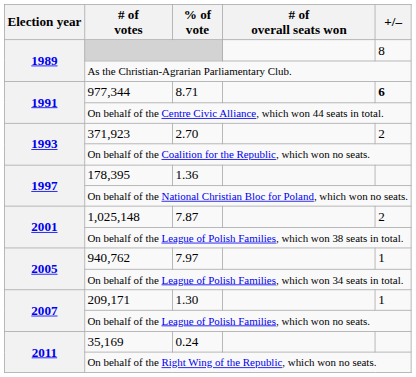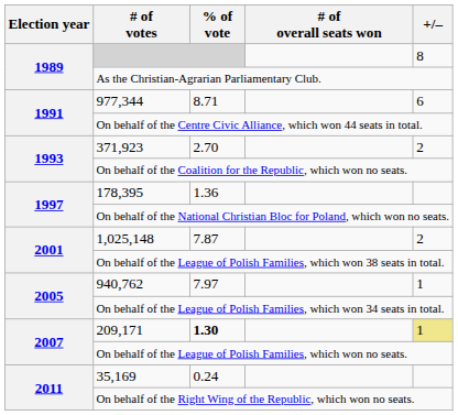 <table class=wikitable>
 <tr>
 <th>Election year</th>
 <th># of<br>votes</th>
 <th>% of<br>vote</th>
 <th># of<br>overall seats won</th>
 <th>+/–</th>
 </tr>
 <tr>
 <th rowspan="2"><a href='#'>1989</a></th>
 <td colspan=2 style="background:lightgrey;"></td>
 <td></td>
 <td>8</td>
 </tr>
 <tr>
 <td colspan=7><small>As the Christian-Agrarian Parliamentary Club.</small></td>
 </tr>
 <tr>
 <th rowspan="2"><a href='#'>1991</a></th>
 <td>977,344</td>
 <td>8.71</td>
 <td></td>
-<td><strong>6</strong></td>
+<td>6</td>
 </tr>
 <tr>
 <td colspan=7><small>On behalf of the <a href='#'>Centre Civic Alliance</a>, which won 44 seats in total.</small></td>
 </tr>
 <tr>
 <th rowspan="2"><a href='#'>1993</a></th>
 <td>371,923</td>
 <td>2.70</td>
 <td></td>
 <td>2</td>
 </tr>
 <tr>
 <td colspan=7><small>On behalf of the <a href='#'>Coalition for the Republic</a>, which won no seats.</small></td>
 </tr>
 <tr>
 <th rowspan="2"><a href='#'>1997</a></th>
 <td>178,395</td>
 <td>1.36</td>
 <td></td>
 <td></td>
 </tr>
 <tr>
 <td colspan=7><small>On behalf of the <a href='#'>National Christian Bloc for Poland</a>, which won no seats.</small></td>
 </tr>
 <tr>
 <th rowspan="2"><a href='#'>2001</a></th>
 <td>1,025,148</td>
 <td>7.87</td>
 <td></td>
 <td>2</td>
 </tr>
 <tr>
 <td colspan=7><small>On behalf of the <a href='#'>League of Polish Families</a>, which won 38 seats in total.</small></td>
 </tr>
 <tr>
 <th rowspan="2"><a href='#'>2005</a></th>
 <td>940,762</td>
 <td>7.97</td>
 <td></td>
 <td>1</td>
 </tr>
 <tr>
 <td colspan=7><small>On behalf of the <a href='#'>League of Polish Families</a>, which won 34 seats in total.</small></td>
 </tr>
 <tr>
 <th rowspan="2"><a href='#'>2007</a></th>
 <td>209,171</td>
-<td>1.30</td>
+<td><strong>1.30</strong></td>
 <td></td>
-<td>1</td>
+<td style="background: khaki;">1</td>
 </tr>
 <tr>
 <td colspan=7><small>On behalf of the <a href='#'>League of Polish Families</a>, which won no seats.</small></td>
 </tr>
 <tr>
 <th rowspan="2"><a href='#'>2011</a></th>
 <td>35,169</td>
 <td>0.24</td>
 <td></td>
 <td></td>
 </tr>
 <tr>
 <td colspan=7><small>On behalf of the <a href='#'>Right Wing of the Republic</a>, which won no seats.</small></td>
 </tr>
 </table>
